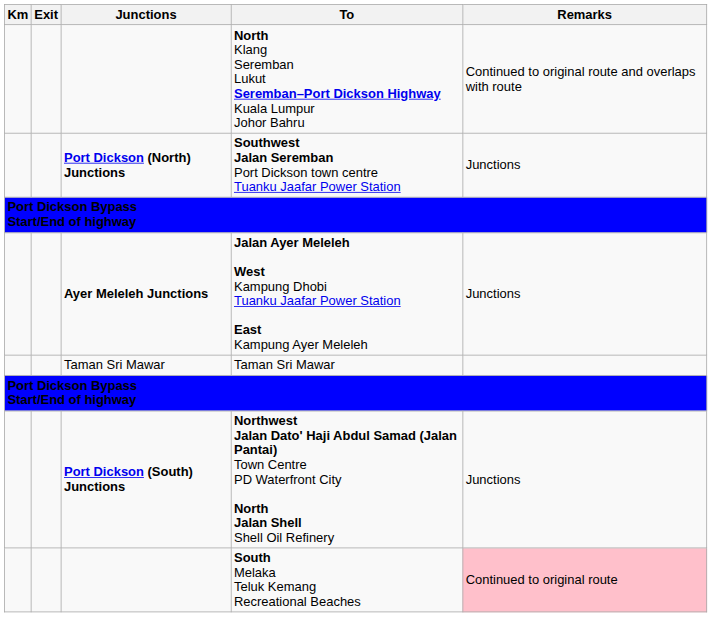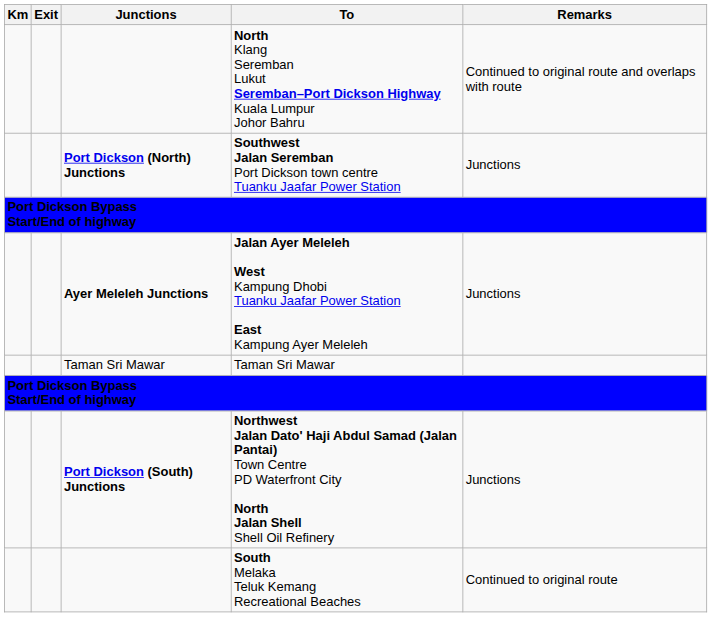 <table class="wikitable">
 <tr>
 <th>Km</th>
 <th>Exit</th>
 <th>Junctions</th>
 <th>To</th>
 <th>Remarks</th>
 </tr>
 <tr>
 <td></td>
 <td></td>
 <td></td>
 <td><strong>North</strong><br> Klang<br> Seremban<br>  Lukut<br> <strong><a href='#'>Seremban–Port Dickson Highway</a></strong><br>Kuala Lumpur<br>Johor Bahru</td>
 <td>Continued to original route  and overlaps with route </td>
 </tr>
 <tr>
 <td></td>
 <td></td>
 <td><strong><a href='#'>Port Dickson</a> (North) Junctions</strong></td>
 <td><strong>Southwest</strong><br> <strong>Jalan Seremban</strong><br>Port Dickson town centre<br><a href='#'>Tuanku Jaafar Power Station</a></td>
 <td>Junctions</td>
 </tr>
 <tr>
 <td style="width:600px" colspan="6" style="text-align:center" bgcolor="blue"><strong><span> Port Dickson Bypass<br>Start/End of highway</span></strong></td>
 </tr>
 <tr>
 <td></td>
 <td></td>
 <td><strong>Ayer Meleleh Junctions</strong></td>
 <td><strong>Jalan Ayer Meleleh</strong><br><br><strong>West</strong><br>Kampung Dhobi<br><a href='#'>Tuanku Jaafar Power Station</a><br><br><strong>East</strong><br>Kampung Ayer Meleleh</td>
 <td>Junctions</td>
 </tr>
 <tr>
 <td></td>
 <td></td>
 <td>Taman Sri Mawar</td>
 <td>Taman Sri Mawar</td>
 <td></td>
 </tr>
 <tr>
 <td style="width:600px" colspan="6" style="text-align:center" bgcolor="blue"><strong><span> Port Dickson Bypass<br>Start/End of highway</span></strong></td>
 </tr>
 <tr>
 <td></td>
 <td></td>
 <td><strong><a href='#'>Port Dickson</a> (South) Junctions</strong></td>
 <td><strong>Northwest</strong><br> <strong>Jalan Dato' Haji Abdul Samad (Jalan Pantai)</strong><br>Town Centre<br>PD Waterfront City<br><br><strong>North</strong><br><strong>Jalan Shell</strong><br>Shell Oil Refinery</td>
 <td>Junctions</td>
 </tr>
 <tr>
 <td></td>
 <td></td>
 <td></td>
 <td><strong>South</strong><br> Melaka<br> Teluk Kemang<br>Recreational Beaches </td>
-<td style="background: pink;">Continued to original route </td>
+<td>Continued to original route </td>
 </tr>
 </table>
